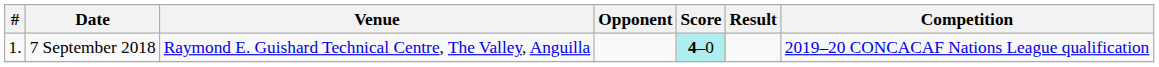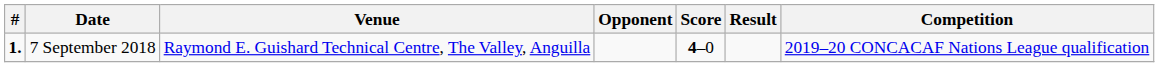 <table class="wikitable" style="font-size:95%">
 <tr>
 <th>#</th>
 <th>Date</th>
 <th>Venue</th>
 <th>Opponent</th>
 <th>Score</th>
 <th>Result</th>
 <th>Competition</th>
 </tr>
 <tr>
-<td>1.</td>
+<td><strong>1.</strong></td>
 <td>7 September 2018</td>
 <td><a href='#'>Raymond E. Guishard Technical Centre</a>, <a href='#'>The Valley</a>, <a href='#'>Anguilla</a></td>
 <td></td>
-<td align=center style="background: paleturquoise;"><strong>4</strong>–0</td>
+<td align=center><strong>4</strong>–0</td>
 <td></td>
 <td><a href='#'>2019–20 CONCACAF Nations League qualification</a></td>
 </tr>
 <tr>
 </tr>
 </table>
